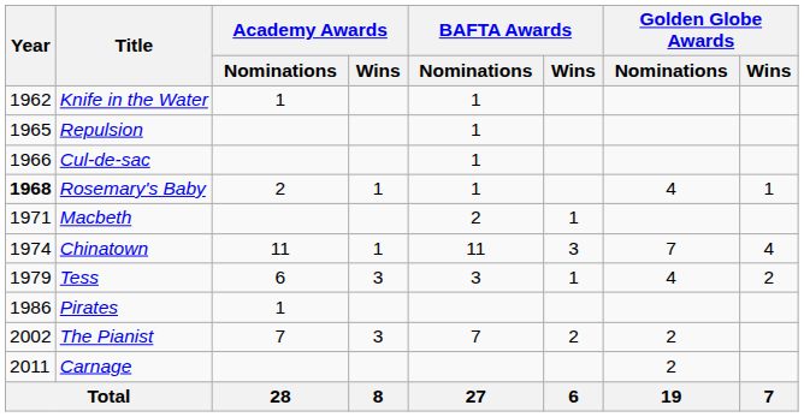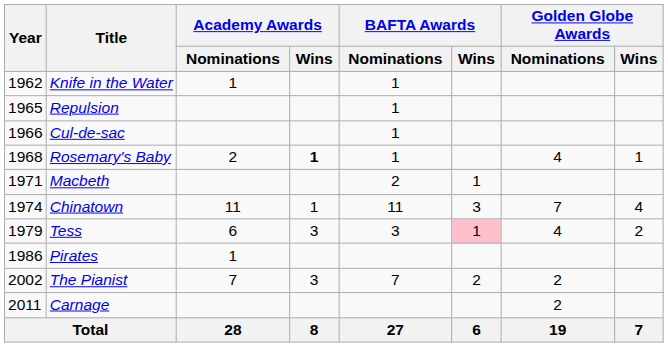 <table class="wikitable">
 <tr>
 <th rowspan="2">Year</th>
 <th rowspan="2">Title</th>
 <th colspan="2"  style="text-align:center; width:160px;"><a href='#'>Academy Awards</a></th>
 <th colspan="2"  style="text-align:center; width:160px;"><a href='#'>BAFTA Awards</a></th>
 <th colspan="2"  style="text-align:center; width:160px;"><a href='#'>Golden Globe Awards</a></th>
 </tr>
 <tr>
 <th>Nominations</th>
 <th>Wins</th>
 <th>Nominations</th>
 <th>Wins</th>
 <th>Nominations</th>
 <th>Wins</th>
 </tr>
 <tr>
 <td>1962</td>
 <td><em><a href='#'>Knife in the Water</a></em></td>
 <td style="text-align:center;">1</td>
 <td></td>
 <td style="text-align:center;">1</td>
 <td></td>
 <td></td>
 <td></td>
 </tr>
 <tr>
 <td>1965</td>
 <td><em><a href='#'>Repulsion</a></em></td>
 <td></td>
 <td></td>
 <td style="text-align:center;">1</td>
 <td></td>
 <td></td>
 <td></td>
 </tr>
 <tr>
 <td>1966</td>
 <td><em><a href='#'>Cul-de-sac</a></em></td>
 <td></td>
 <td></td>
 <td style="text-align:center;">1</td>
 <td></td>
 <td></td>
 <td></td>
 </tr>
 <tr>
-<td><strong>1968</strong></td>
+<td>1968</td>
 <td><em><a href='#'>Rosemary's Baby</a></em></td>
 <td style="text-align:center;">2</td>
-<td style="text-align:center;">1</td>
+<td style="text-align:center;"><strong>1</strong></td>
 <td style="text-align:center;">1</td>
 <td></td>
 <td style="text-align:center;">4</td>
 <td style="text-align:center;">1</td>
 </tr>
 <tr>
 <td>1971</td>
 <td><em><a href='#'>Macbeth</a></em></td>
 <td></td>
 <td></td>
 <td style="text-align:center;">2</td>
 <td style="text-align:center;">1</td>
 <td></td>
 <td></td>
 </tr>
 <tr>
 <td>1974</td>
 <td><em><a href='#'>Chinatown</a></em></td>
 <td style="text-align:center;">11</td>
 <td style="text-align:center;">1</td>
 <td style="text-align:center;">11</td>
 <td style="text-align:center;">3</td>
 <td style="text-align:center;">7</td>
 <td style="text-align:center;">4</td>
 </tr>
 <tr>
 <td>1979</td>
 <td><em><a href='#'>Tess</a></em></td>
 <td style="text-align:center;">6</td>
 <td style="text-align:center;">3</td>
 <td style="text-align:center;">3</td>
-<td style="text-align:center;">1</td>
+<td style="background: pink; text-align:center;">1</td>
 <td style="text-align:center;">4</td>
 <td style="text-align:center;">2</td>
 </tr>
 <tr>
 <td>1986</td>
 <td><em><a href='#'>Pirates</a></em></td>
 <td style="text-align:center;">1</td>
 <td></td>
 <td></td>
 <td></td>
 <td></td>
 <td></td>
 </tr>
 <tr>
 <td>2002</td>
 <td><em><a href='#'>The Pianist</a></em></td>
 <td style="text-align:center;">7</td>
 <td style="text-align:center;">3</td>
 <td style="text-align:center;">7</td>
 <td style="text-align:center;">2</td>
 <td style="text-align:center;">2</td>
 <td></td>
 </tr>
 <tr>
 <td>2011</td>
 <td><em><a href='#'>Carnage</a></em></td>
 <td></td>
 <td></td>
 <td></td>
 <td></td>
 <td style="text-align:center;">2</td>
 <td></td>
 </tr>
 <tr>
 <th colspan="2">Total</th>
 <th align=center>28</th>
 <th align=center>8</th>
 <th align=center>27</th>
 <th align=center>6</th>
 <th align=center>19</th>
 <th align=center>7</th>
 </tr>
 </table>
